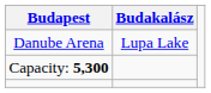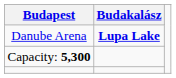 <table class="wikitable" style="text-align:center">
 <tr>
 <th><a href='#'>Budapest</a></th>
 <th><a href='#'>Budakalász</a></th>
 <td rowspan=4></td>
 </tr>
 <tr>
 <td><a href='#'>Danube Arena</a></td>
-<td><a href='#'>Lupa Lake</a></td>
+<td><strong><a href='#'>Lupa Lake</a></strong></td>
 </tr>
 <tr>
 <td>Capacity: <strong>5,300</strong></td>
 <td></td>
 </tr>
 <tr>
 <td></td>
 <td></td>
 </tr>
 </table>
